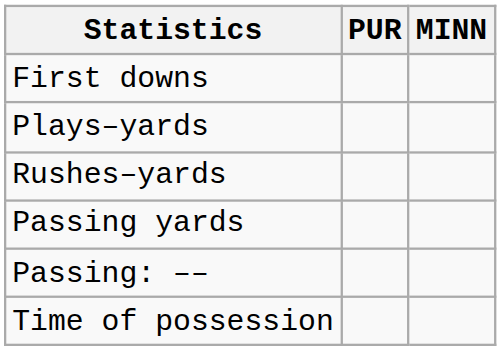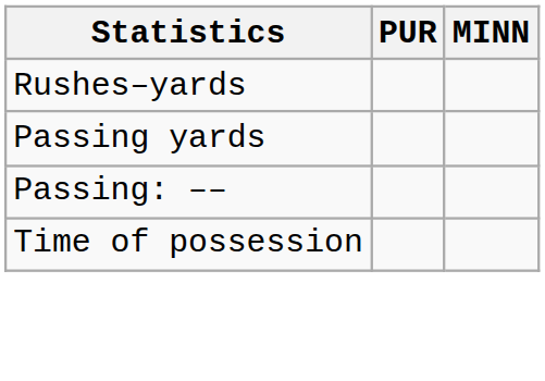 <table class="wikitable" style="float:left">
 <tr>
 <th>Statistics</th>
 <th>PUR</th>
 <th>MINN</th>
-</tr>
-<tr>
-<td>First downs</td>
-<td></td>
-<td></td>
-</tr>
-<tr>
-<td>Plays–yards</td>
-<td></td>
-<td></td>
 </tr>
 <tr>
 <td>Rushes–yards</td>
 <td></td>
 <td></td>
 </tr>
 <tr>
 <td>Passing yards</td>
 <td></td>
 <td></td>
 </tr>
 <tr>
 <td>Passing: ––</td>
 <td></td>
 <td></td>
 </tr>
 <tr>
 <td>Time of possession</td>
 <td></td>
 <td></td>
 </tr>
 </table>
